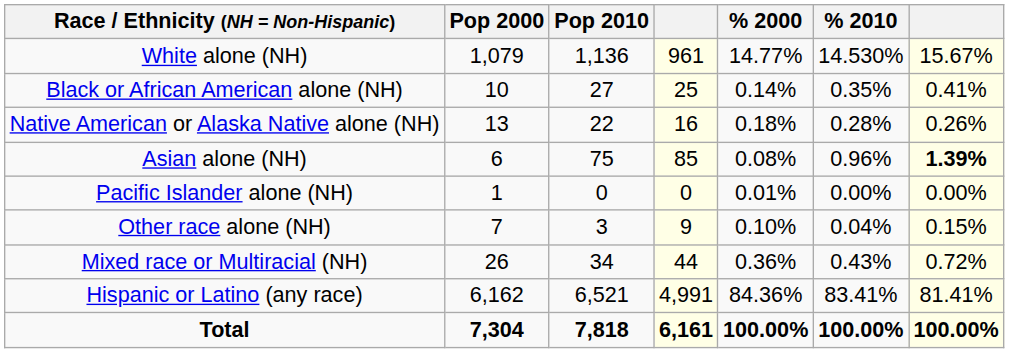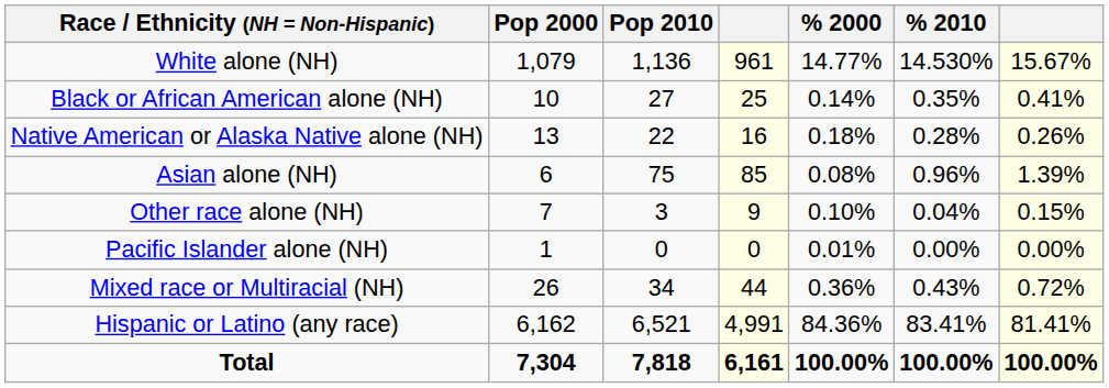 <table class="wikitable" style="text-align:center;">
 <tr>
 <th>Race / Ethnicity <small>(<em>NH = Non-Hispanic</em>)</small></th>
 <th>Pop 2000</th>
 <th>Pop 2010</th>
 <th></th>
 <th>% 2000</th>
 <th>% 2010</th>
 <th></th>
 </tr>
 <tr>
 <td><a href='#'>White</a> alone (NH)</td>
 <td>1,079</td>
 <td>1,136</td>
 <td style='background: #ffffe6;'>961</td>
 <td>14.77%</td>
 <td>14.530%</td>
 <td style='background: #ffffe6;'>15.67%</td>
 </tr>
 <tr>
 <td><a href='#'>Black or African American</a> alone (NH)</td>
 <td>10</td>
 <td>27</td>
 <td style='background: #ffffe6;'>25</td>
 <td>0.14%</td>
 <td>0.35%</td>
 <td style='background: #ffffe6;'>0.41%</td>
 </tr>
 <tr>
 <td><a href='#'>Native American</a> or <a href='#'>Alaska Native</a> alone (NH)</td>
 <td>13</td>
 <td>22</td>
 <td style='background: #ffffe6;'>16</td>
 <td>0.18%</td>
 <td>0.28%</td>
 <td style='background: #ffffe6;'>0.26%</td>
 </tr>
 <tr>
 <td><a href='#'>Asian</a> alone (NH)</td>
 <td>6</td>
 <td>75</td>
 <td style='background: #ffffe6;'>85</td>
 <td>0.08%</td>
 <td>0.96%</td>
-<td style='background: #ffffe6;'><strong>1.39%</strong></td>
+<td style='background: #ffffe6;'>1.39%</td>
+</tr>
+<tr>
+<td><a href='#'>Other race</a> alone (NH)</td>
+<td>7</td>
+<td>3</td>
+<td style='background: #ffffe6;'>9</td>
+<td>0.10%</td>
+<td>0.04%</td>
+<td style='background: #ffffe6;'>0.15%</td>
 </tr>
 <tr>
 <td><a href='#'>Pacific Islander</a> alone (NH)</td>
 <td>1</td>
 <td>0</td>
 <td style='background: #ffffe6;'>0</td>
 <td>0.01%</td>
 <td>0.00%</td>
 <td style='background: #ffffe6;'>0.00%</td>
-</tr>
-<tr>
-<td><a href='#'>Other race</a> alone (NH)</td>
-<td>7</td>
-<td>3</td>
-<td style='background: #ffffe6;'>9</td>
-<td>0.10%</td>
-<td>0.04%</td>
-<td style='background: #ffffe6;'>0.15%</td>
 </tr>
 <tr>
 <td><a href='#'>Mixed race or Multiracial</a> (NH)</td>
 <td>26</td>
 <td>34</td>
 <td style='background: #ffffe6;'>44</td>
 <td>0.36%</td>
 <td>0.43%</td>
 <td style='background: #ffffe6;'>0.72%</td>
 </tr>
 <tr>
 <td><a href='#'>Hispanic or Latino</a> (any race)</td>
 <td>6,162</td>
 <td>6,521</td>
 <td style='background: #ffffe6;'>4,991</td>
 <td>84.36%</td>
 <td>83.41%</td>
 <td style='background: #ffffe6;'>81.41%</td>
 </tr>
 <tr>
 <td><strong>Total</strong></td>
 <td><strong>7,304</strong></td>
 <td><strong>7,818</strong></td>
 <td style='background: #ffffe6;'><strong>6,161</strong></td>
 <td><strong>100.00%</strong></td>
 <td><strong>100.00%</strong></td>
 <td style='background: #ffffe6;'><strong>100.00%</strong></td>
 </tr>
 </table>
